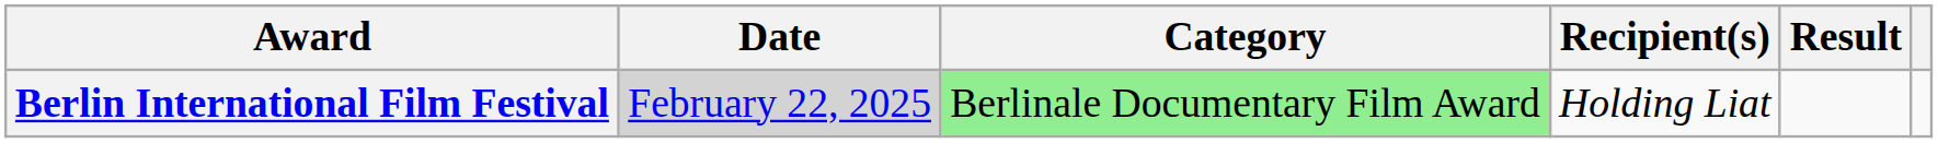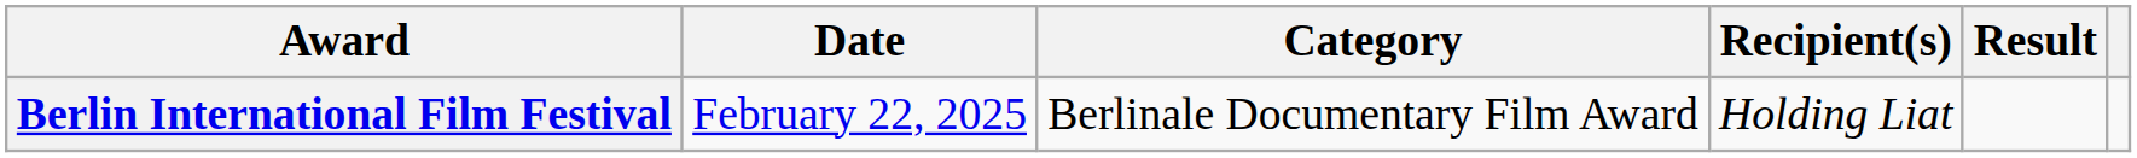 <table class="wikitable sortable plainrowheaders">
 <tr>
 <th>Award</th>
 <th>Date</th>
 <th>Category</th>
 <th>Recipient(s)</th>
 <th>Result</th>
 <th class="unsortable"></th>
 </tr>
 <tr>
 <th rowspan="2" scope="row"><a href='#'>Berlin International Film Festival</a></th>
-<td style="background: lightgrey;"><a href='#'>February 22, 2025</a></td>
-<td style="background: lightgreen;">Berlinale Documentary Film Award</td>
+<td><a href='#'>February 22, 2025</a></td>
+<td>Berlinale Documentary Film Award</td>
 <td><em>Holding Liat</em></td>
 <td></td>
 <td align="center"></td>
 </tr>
 </table>
